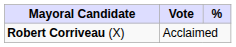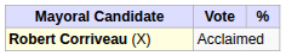 <table class="wikitable">
 <tr>
 <th style="background:#ddf; width:200px;">Mayoral Candidate</th>
 <th style="background:#ddf; width:50px;">Vote</th>
 <th style="background:#ddf; width:30px;">%</th>
 </tr>
 <tr>
-<td><strong>Robert Corriveau</strong> (X)</td>
+<td style="background: lightyellow;"><strong>Robert Corriveau</strong> (X)</td>
 <td colspan="2">Acclaimed</td>
 </tr>
 </table>
